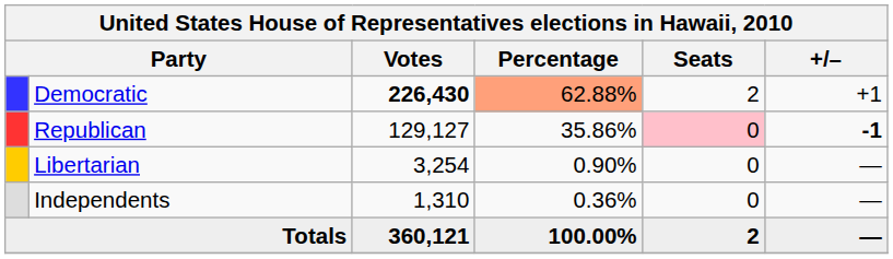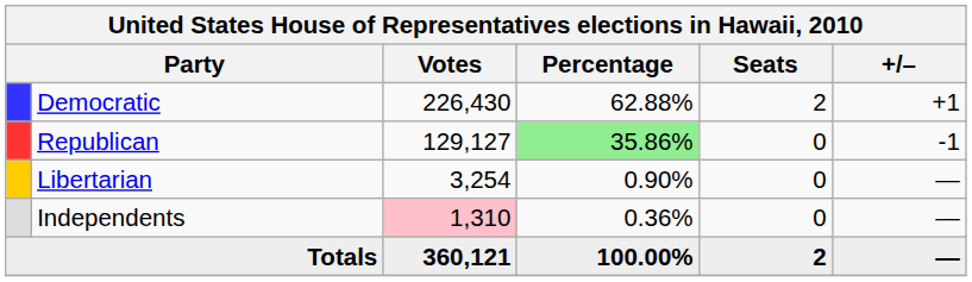 <table class="wikitable" style="font-size: 95%;">
 <tr>
 <th colspan="6">United States House of Representatives elections in Hawaii, 2010</th>
 </tr>
 <tr>
 <th colspan=2 style="width: 15em">Party</th>
 <th style="width: 5em">Votes</th>
 <th style="width: 7em">Percentage</th>
 <th style="width: 5em">Seats</th>
 <th style="width: 5em">+/–</th>
 </tr>
 <tr>
 <th style="background-color:#3333FF; width: 3px"></th>
 <td style="width: 130px"><a href='#'>Democratic</a></td>
-<td align="right"><strong>226,430</strong></td>
-<td align="right" style="background: lightsalmon;">62.88%</td>
+<td align="right">226,430</td>
+<td align="right">62.88%</td>
 <td align="right">2</td>
 <td align="right">+1</td>
 </tr>
 <tr>
 <th style="background-color:#FF3333; width: 3px"></th>
 <td style="width: 130px"><a href='#'>Republican</a></td>
 <td align="right">129,127</td>
-<td align="right">35.86%</td>
-<td align="right" style="background: pink;">0</td>
-<td align="right"><strong>-1</strong></td>
+<td align="right" style="background: lightgreen;">35.86%</td>
+<td align="right">0</td>
+<td align="right">-1</td>
 </tr>
 <tr>
 <th style="background-color:#FFCC00; width: 3px"></th>
 <td style="width: 130px"><a href='#'>Libertarian</a></td>
 <td align="right">3,254</td>
 <td align="right">0.90%</td>
 <td align="right">0</td>
 <td align="right">—</td>
 </tr>
 <tr>
 <th style="background-color:#DDDDDD; width: 3px"></th>
 <td style="width: 130px">Independents</td>
-<td align="right">1,310</td>
+<td align="right" style="background: pink;">1,310</td>
 <td align="right">0.36%</td>
 <td align="right">0</td>
 <td align="right">—</td>
 </tr>
 <tr bgcolor="#EEEEEE">
 <td colspan="2" align="right"><strong>Totals</strong></td>
 <td align="right"><strong>360,121</strong></td>
 <td align="right"><strong>100.00%</strong></td>
 <td align="right"><strong>2</strong></td>
 <td align="right"><strong>—</strong></td>
 </tr>
 <tr bgcolor="#EEEEEE">
 </tr>
 </table>
